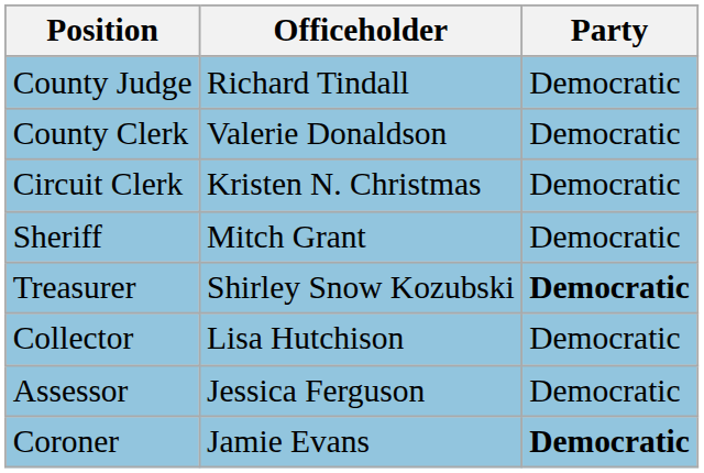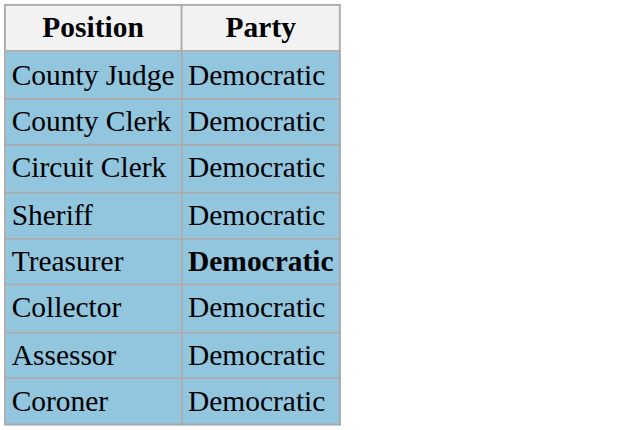 <table class="wikitable">
 <tr>
 <th>Position</th>
-<th>Officeholder</th>
 <th>Party</th>
 </tr>
 <tr style="background-color:#92C5DE;">
 <td>County Judge</td>
-<td>Richard Tindall</td>
 <td>Democratic</td>
 </tr>
 <tr style="background-color:#92C5DE;">
 <td>County Clerk</td>
-<td>Valerie Donaldson</td>
 <td>Democratic</td>
 </tr>
 <tr style="background-color:#92C5DE;">
 <td>Circuit Clerk</td>
-<td>Kristen N. Christmas</td>
 <td>Democratic</td>
 </tr>
 <tr style="background-color:#92C5DE;">
 <td>Sheriff</td>
-<td>Mitch Grant</td>
 <td>Democratic</td>
 </tr>
 <tr style="background-color:#92C5DE;">
 <td>Treasurer</td>
-<td>Shirley Snow Kozubski</td>
 <td><strong>Democratic</strong></td>
 </tr>
 <tr style="background-color:#92C5DE;">
 <td>Collector</td>
-<td>Lisa Hutchison</td>
 <td>Democratic</td>
 </tr>
 <tr style="background-color:#92C5DE;">
 <td>Assessor</td>
-<td>Jessica Ferguson</td>
 <td>Democratic</td>
 </tr>
 <tr style="background-color:#92C5DE;">
 <td>Coroner</td>
-<td>Jamie Evans</td>
-<td><strong>Democratic</strong></td>
+<td>Democratic</td>
 </tr>
 </table>
